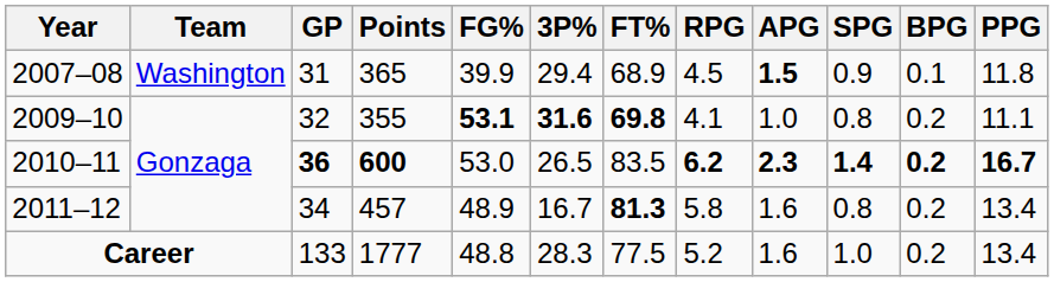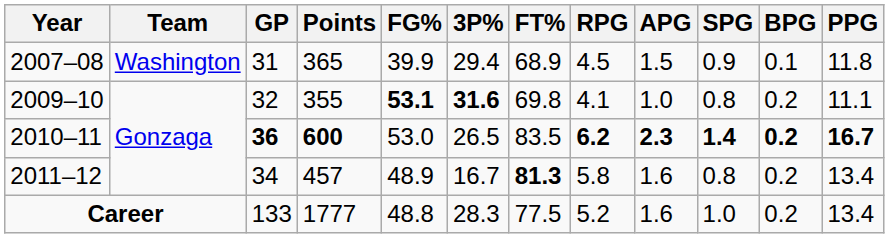 <table class="wikitable sortable">
 <tr>
 <th>Year</th>
 <th>Team</th>
 <th>GP</th>
 <th>Points</th>
 <th>FG%</th>
 <th>3P%</th>
 <th>FT%</th>
 <th>RPG</th>
 <th>APG</th>
 <th>SPG</th>
 <th>BPG</th>
 <th>PPG</th>
 </tr>
 <tr>
 <td>2007–08</td>
 <td><a href='#'>Washington</a></td>
 <td>31</td>
 <td>365</td>
 <td>39.9</td>
 <td>29.4</td>
 <td>68.9</td>
 <td>4.5</td>
-<td><strong>1.5</strong></td>
+<td>1.5</td>
 <td>0.9</td>
 <td>0.1</td>
 <td>11.8</td>
 </tr>
 <tr>
 <td>2009–10</td>
 <td rowspan=3><a href='#'>Gonzaga</a></td>
 <td>32</td>
 <td>355</td>
 <td><strong>53.1</strong></td>
 <td><strong>31.6</strong></td>
-<td><strong>69.8</strong></td>
+<td>69.8</td>
 <td>4.1</td>
 <td>1.0</td>
 <td>0.8</td>
 <td>0.2</td>
 <td>11.1</td>
 </tr>
 <tr>
 <td>2010–11</td>
 <td><strong>36</strong></td>
 <td><strong>600</strong></td>
 <td>53.0</td>
 <td>26.5</td>
 <td>83.5</td>
 <td><strong>6.2</strong></td>
 <td><strong>2.3</strong></td>
 <td><strong>1.4</strong></td>
 <td><strong>0.2</strong></td>
 <td><strong>16.7</strong></td>
 </tr>
 <tr>
 <td>2011–12</td>
 <td>34</td>
 <td>457</td>
 <td>48.9</td>
 <td>16.7</td>
 <td><strong>81.3</strong></td>
 <td>5.8</td>
 <td>1.6</td>
 <td>0.8</td>
 <td>0.2</td>
 <td>13.4</td>
 </tr>
 <tr class="sortbottom">
 <td colspan=2 align=center><strong>Career</strong></td>
 <td>133</td>
 <td>1777</td>
 <td>48.8</td>
 <td>28.3</td>
 <td>77.5</td>
 <td>5.2</td>
 <td>1.6</td>
 <td>1.0</td>
 <td>0.2</td>
 <td>13.4</td>
 </tr>
 </table>
